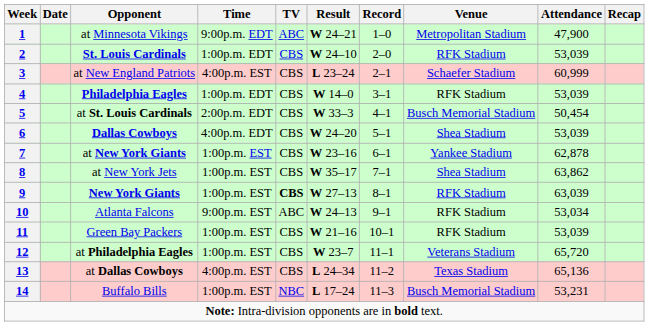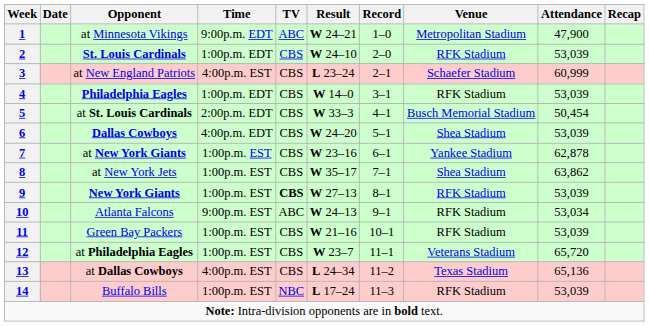 <table class="wikitable" style="text-align:center">
 <tr>
 <th>Week</th>
 <th>Date</th>
 <th>Opponent</th>
 <th>Time</th>
 <th>TV</th>
 <th>Result</th>
 <th>Record</th>
 <th>Venue</th>
 <th>Attendance</th>
 <th>Recap</th>
 </tr>
 <tr style="background:#cfc">
 <th><a href='#'>1</a></th>
 <td></td>
 <td>at <a href='#'>Minnesota Vikings</a></td>
 <td>9:00p.m. <a href='#'>EDT</a></td>
 <td><a href='#'>ABC</a></td>
 <td><strong>W</strong> 24–21</td>
 <td>1–0</td>
 <td><a href='#'>Metropolitan Stadium</a></td>
 <td>47,900</td>
 <td></td>
 </tr>
 <tr style="background:#cfc">
 <th><a href='#'>2</a></th>
 <td></td>
 <td><strong><a href='#'>St. Louis Cardinals</a></strong></td>
 <td>1:00p.m. EDT</td>
 <td><a href='#'>CBS</a></td>
 <td><strong>W</strong> 24–10</td>
 <td>2–0</td>
 <td><a href='#'>RFK Stadium</a></td>
 <td>53,039</td>
 <td></td>
 </tr>
 <tr style="background:#fcc">
 <th><a href='#'>3</a></th>
 <td></td>
 <td>at <a href='#'>New England Patriots</a></td>
 <td>4:00p.m. EST</td>
 <td>CBS</td>
 <td><strong>L</strong> 23–24</td>
 <td>2–1</td>
 <td><a href='#'>Schaefer Stadium</a></td>
 <td>60,999</td>
 <td></td>
 </tr>
 <tr style="background:#cfc">
 <th><a href='#'>4</a></th>
 <td></td>
 <td><strong><a href='#'>Philadelphia Eagles</a></strong></td>
 <td>1:00p.m. EDT</td>
 <td>CBS</td>
 <td><strong>W</strong> 14–0</td>
 <td>3–1</td>
 <td>RFK Stadium</td>
 <td>53,039</td>
 <td></td>
 </tr>
 <tr style="background:#cfc">
 <th><a href='#'>5</a></th>
 <td></td>
 <td>at <strong>St. Louis Cardinals</strong></td>
 <td>2:00p.m. EDT</td>
 <td>CBS</td>
 <td><strong>W</strong> 33–3</td>
 <td>4–1</td>
 <td><a href='#'>Busch Memorial Stadium</a></td>
 <td>50,454</td>
 <td></td>
 </tr>
 <tr style="background:#cfc">
 <th><a href='#'>6</a></th>
 <td></td>
 <td><strong><a href='#'>Dallas Cowboys</a></strong></td>
 <td>4:00p.m. EDT</td>
 <td>CBS</td>
 <td><strong>W</strong> 24–20</td>
 <td>5–1</td>
 <td><a href='#'>Shea Stadium</a></td>
 <td>53,039</td>
 <td></td>
 </tr>
 <tr style="background:#cfc">
 <th><a href='#'>7</a></th>
 <td></td>
 <td>at <strong><a href='#'>New York Giants</a></strong></td>
 <td>1:00p.m. <a href='#'>EST</a></td>
 <td>CBS</td>
 <td><strong>W</strong> 23–16</td>
 <td>6–1</td>
 <td><a href='#'>Yankee Stadium</a></td>
 <td>62,878</td>
 <td></td>
 </tr>
 <tr style="background:#cfc">
 <th><a href='#'>8</a></th>
 <td></td>
 <td>at <a href='#'>New York Jets</a></td>
 <td>1:00p.m. EST</td>
 <td>CBS</td>
 <td><strong>W</strong> 35–17</td>
 <td>7–1</td>
 <td><a href='#'>Shea Stadium</a></td>
 <td>63,862</td>
 <td></td>
 </tr>
 <tr style="background:#cfc">
 <th><a href='#'>9</a></th>
 <td></td>
 <td><strong><a href='#'>New York Giants</a></strong></td>
 <td>1:00p.m. EST</td>
 <td><strong>CBS</strong></td>
 <td><strong>W</strong> 27–13</td>
 <td>8–1</td>
 <td><a href='#'>RFK Stadium</a></td>
-<td>63,039</td>
+<td>53,039</td>
 <td></td>
 </tr>
 <tr style="background:#cfc">
 <th><a href='#'>10</a></th>
 <td></td>
 <td><a href='#'>Atlanta Falcons</a></td>
 <td>9:00p.m. EST</td>
 <td>ABC</td>
 <td><strong>W</strong> 24–13</td>
 <td>9–1</td>
 <td>RFK Stadium</td>
 <td>53,034</td>
 <td></td>
 </tr>
 <tr style="background:#cfc">
 <th><a href='#'>11</a></th>
 <td></td>
 <td><a href='#'>Green Bay Packers</a></td>
 <td>1:00p.m. EST</td>
 <td>CBS</td>
 <td><strong>W</strong> 21–16</td>
 <td>10–1</td>
 <td>RFK Stadium</td>
 <td>53,039</td>
 <td></td>
 </tr>
 <tr style="background:#cfc">
 <th><a href='#'>12</a></th>
 <td></td>
 <td>at <strong>Philadelphia Eagles</strong></td>
 <td>1:00p.m. EST</td>
 <td>CBS</td>
 <td><strong>W</strong> 23–7</td>
 <td>11–1</td>
 <td><a href='#'>Veterans Stadium</a></td>
 <td>65,720</td>
 <td></td>
 </tr>
 <tr style="background:#fcc">
 <th><a href='#'>13</a></th>
 <td></td>
 <td>at <strong>Dallas Cowboys</strong></td>
 <td>4:00p.m. EST</td>
 <td>CBS</td>
 <td><strong>L</strong> 24–34</td>
 <td>11–2</td>
 <td><a href='#'>Texas Stadium</a></td>
 <td>65,136</td>
 <td></td>
 </tr>
 <tr style="background:#fcc">
 <th><a href='#'>14</a></th>
 <td></td>
 <td><a href='#'>Buffalo Bills</a></td>
 <td>1:00p.m. EST</td>
 <td><a href='#'>NBC</a></td>
 <td><strong>L</strong> 17–24</td>
 <td>11–3</td>
-<td><a href='#'>Busch Memorial Stadium</a></td>
-<td>53,231</td>
+<td>RFK Stadium</td>
+<td>53,039</td>
 <td></td>
 </tr>
 <tr>
 <td colspan="10"><strong>Note:</strong> Intra-division opponents are in <strong>bold</strong> text.</td>
 </tr>
 </table>
